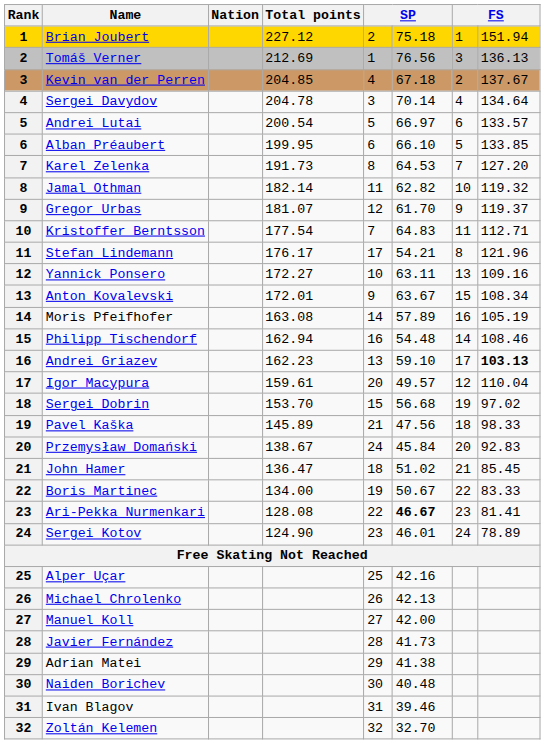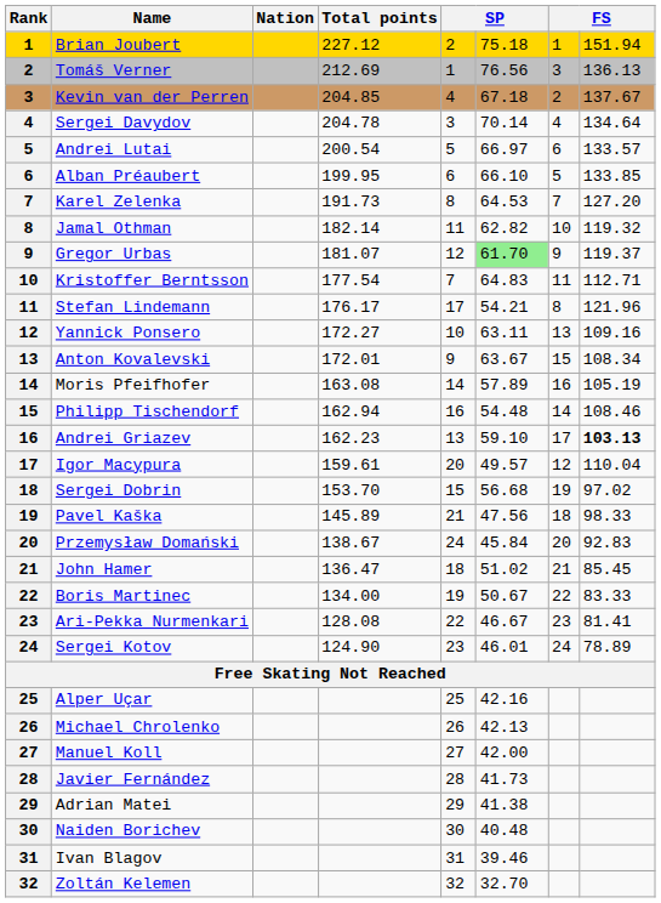 <table class="wikitable">
 <tr>
 <th>Rank</th>
 <th>Name</th>
 <th>Nation</th>
 <th>Total points</th>
 <th colspan="2" style="width:80px;"><a href='#'>SP</a></th>
 <th colspan="2" style="width:80px;"><a href='#'>FS</a></th>
 </tr>
 <tr style="background:gold;">
 <td style="text-align:center;"><strong>1</strong></td>
 <td><a href='#'>Brian Joubert</a></td>
 <td></td>
 <td>227.12</td>
 <td>2</td>
 <td>75.18</td>
 <td>1</td>
 <td>151.94</td>
 </tr>
 <tr style="background:silver;">
 <td style="text-align:center;"><strong>2</strong></td>
 <td><a href='#'>Tomáš Verner</a></td>
 <td></td>
 <td>212.69</td>
 <td>1</td>
 <td>76.56</td>
 <td>3</td>
 <td>136.13</td>
 </tr>
 <tr style="background:#c96;">
 <td style="text-align:center;"><strong>3</strong></td>
 <td><a href='#'>Kevin van der Perren</a></td>
 <td></td>
 <td>204.85</td>
 <td>4</td>
 <td>67.18</td>
 <td>2</td>
 <td>137.67</td>
 </tr>
 <tr>
 <th>4</th>
 <td><a href='#'>Sergei Davydov</a></td>
 <td></td>
 <td>204.78</td>
 <td>3</td>
 <td>70.14</td>
 <td>4</td>
 <td>134.64</td>
 </tr>
 <tr>
 <th>5</th>
 <td><a href='#'>Andrei Lutai</a></td>
 <td></td>
 <td>200.54</td>
 <td>5</td>
 <td>66.97</td>
 <td>6</td>
 <td>133.57</td>
 </tr>
 <tr>
 <th>6</th>
 <td><a href='#'>Alban Préaubert</a></td>
 <td></td>
 <td>199.95</td>
 <td>6</td>
 <td>66.10</td>
 <td>5</td>
 <td>133.85</td>
 </tr>
 <tr>
 <th>7</th>
 <td><a href='#'>Karel Zelenka</a></td>
 <td></td>
 <td>191.73</td>
 <td>8</td>
 <td>64.53</td>
 <td>7</td>
 <td>127.20</td>
 </tr>
 <tr>
 <th>8</th>
 <td><a href='#'>Jamal Othman</a></td>
 <td></td>
 <td>182.14</td>
 <td>11</td>
 <td>62.82</td>
 <td>10</td>
 <td>119.32</td>
 </tr>
 <tr>
 <th>9</th>
 <td><a href='#'>Gregor Urbas</a></td>
 <td></td>
 <td>181.07</td>
 <td>12</td>
-<td>61.70</td>
+<td style="background: lightgreen;">61.70</td>
 <td>9</td>
 <td>119.37</td>
 </tr>
 <tr>
 <th>10</th>
 <td><a href='#'>Kristoffer Berntsson</a></td>
 <td></td>
 <td>177.54</td>
 <td>7</td>
 <td>64.83</td>
 <td>11</td>
 <td>112.71</td>
 </tr>
 <tr>
 <th>11</th>
 <td><a href='#'>Stefan Lindemann</a></td>
 <td></td>
 <td>176.17</td>
 <td>17</td>
 <td>54.21</td>
 <td>8</td>
 <td>121.96</td>
 </tr>
 <tr>
 <th>12</th>
 <td><a href='#'>Yannick Ponsero</a></td>
 <td></td>
 <td>172.27</td>
 <td>10</td>
 <td>63.11</td>
 <td>13</td>
 <td>109.16</td>
 </tr>
 <tr>
 <th>13</th>
 <td><a href='#'>Anton Kovalevski</a></td>
 <td></td>
 <td>172.01</td>
 <td>9</td>
 <td>63.67</td>
 <td>15</td>
 <td>108.34</td>
 </tr>
 <tr>
 <th>14</th>
 <td>Moris Pfeifhofer</td>
 <td></td>
 <td>163.08</td>
 <td>14</td>
 <td>57.89</td>
 <td>16</td>
 <td>105.19</td>
 </tr>
 <tr>
 <th>15</th>
 <td><a href='#'>Philipp Tischendorf</a></td>
 <td></td>
 <td>162.94</td>
 <td>16</td>
 <td>54.48</td>
 <td>14</td>
 <td>108.46</td>
 </tr>
 <tr>
 <th>16</th>
 <td><a href='#'>Andrei Griazev</a></td>
 <td></td>
 <td>162.23</td>
 <td>13</td>
 <td>59.10</td>
 <td>17</td>
 <td><strong>103.13</strong></td>
 </tr>
 <tr>
 <th>17</th>
 <td><a href='#'>Igor Macypura</a></td>
 <td></td>
 <td>159.61</td>
 <td>20</td>
 <td>49.57</td>
 <td>12</td>
 <td>110.04</td>
 </tr>
 <tr>
 <th>18</th>
 <td><a href='#'>Sergei Dobrin</a></td>
 <td></td>
 <td>153.70</td>
 <td>15</td>
 <td>56.68</td>
 <td>19</td>
 <td>97.02</td>
 </tr>
 <tr>
 <th>19</th>
 <td><a href='#'>Pavel Kaška</a></td>
 <td></td>
 <td>145.89</td>
 <td>21</td>
 <td>47.56</td>
 <td>18</td>
 <td>98.33</td>
 </tr>
 <tr>
 <th>20</th>
 <td><a href='#'>Przemysław Domański</a></td>
 <td></td>
 <td>138.67</td>
 <td>24</td>
 <td>45.84</td>
 <td>20</td>
 <td>92.83</td>
 </tr>
 <tr>
 <th>21</th>
 <td><a href='#'>John Hamer</a></td>
 <td></td>
 <td>136.47</td>
 <td>18</td>
 <td>51.02</td>
 <td>21</td>
 <td>85.45</td>
 </tr>
 <tr>
 <th>22</th>
 <td><a href='#'>Boris Martinec</a></td>
 <td></td>
 <td>134.00</td>
 <td>19</td>
 <td>50.67</td>
 <td>22</td>
 <td>83.33</td>
 </tr>
 <tr>
 <th>23</th>
 <td><a href='#'>Ari-Pekka Nurmenkari</a></td>
 <td></td>
 <td>128.08</td>
 <td>22</td>
-<td><strong>46.67</strong></td>
+<td>46.67</td>
 <td>23</td>
 <td>81.41</td>
 </tr>
 <tr>
 <th>24</th>
 <td><a href='#'>Sergei Kotov</a></td>
 <td></td>
 <td>124.90</td>
 <td>23</td>
 <td>46.01</td>
 <td>24</td>
 <td>78.89</td>
 </tr>
 <tr>
 <th colspan=8>Free Skating Not Reached</th>
 </tr>
 <tr>
 <th>25</th>
 <td><a href='#'>Alper Uçar</a></td>
 <td></td>
 <td></td>
 <td>25</td>
 <td>42.16</td>
 <td></td>
 <td></td>
 </tr>
 <tr>
 <th>26</th>
 <td><a href='#'>Michael Chrolenko</a></td>
 <td></td>
 <td></td>
 <td>26</td>
 <td>42.13</td>
 <td></td>
 <td></td>
 </tr>
 <tr>
 <th>27</th>
 <td><a href='#'>Manuel Koll</a></td>
 <td></td>
 <td></td>
 <td>27</td>
 <td>42.00</td>
 <td></td>
 <td></td>
 </tr>
 <tr>
 <th>28</th>
 <td><a href='#'>Javier Fernández</a></td>
 <td></td>
 <td></td>
 <td>28</td>
 <td>41.73</td>
 <td></td>
 <td></td>
 </tr>
 <tr>
 <th>29</th>
 <td>Adrian Matei</td>
 <td></td>
 <td></td>
 <td>29</td>
 <td>41.38</td>
 <td></td>
 <td></td>
 </tr>
 <tr>
 <th>30</th>
 <td><a href='#'>Naiden Borichev</a></td>
 <td></td>
 <td></td>
 <td>30</td>
 <td>40.48</td>
 <td></td>
 <td></td>
 </tr>
 <tr>
 <th>31</th>
 <td>Ivan Blagov</td>
 <td></td>
 <td></td>
 <td>31</td>
 <td>39.46</td>
 <td></td>
 <td></td>
 </tr>
 <tr>
 <th>32</th>
 <td><a href='#'>Zoltán Kelemen</a></td>
 <td></td>
 <td></td>
 <td>32</td>
 <td>32.70</td>
 <td></td>
 <td></td>
 </tr>
 </table>
